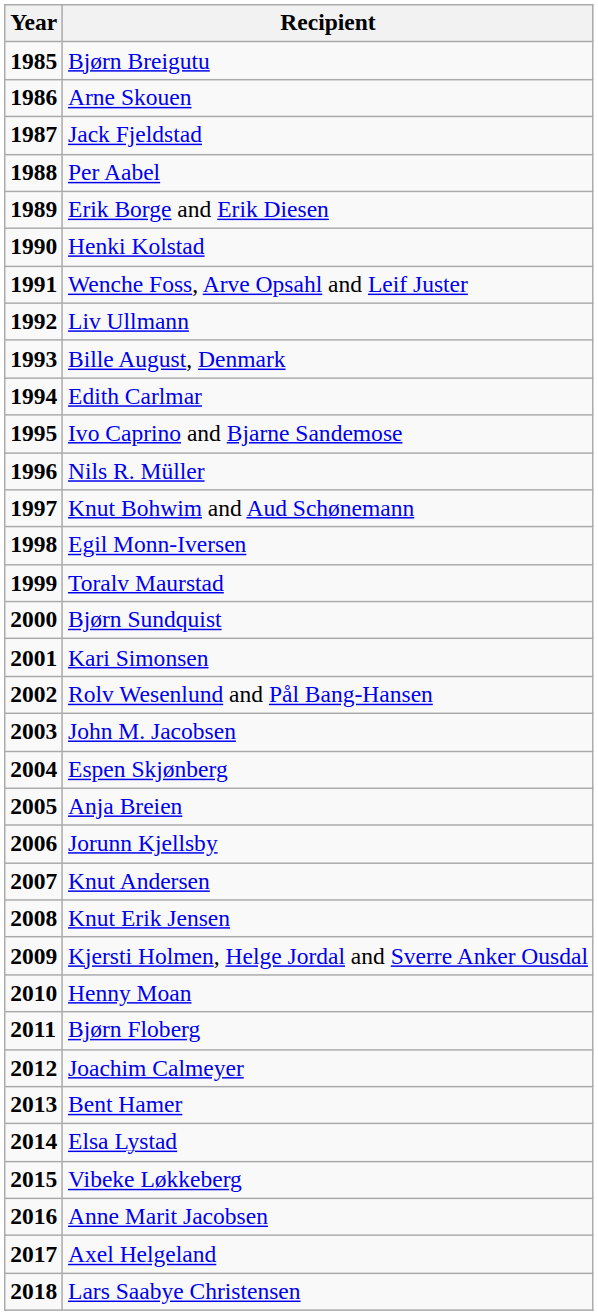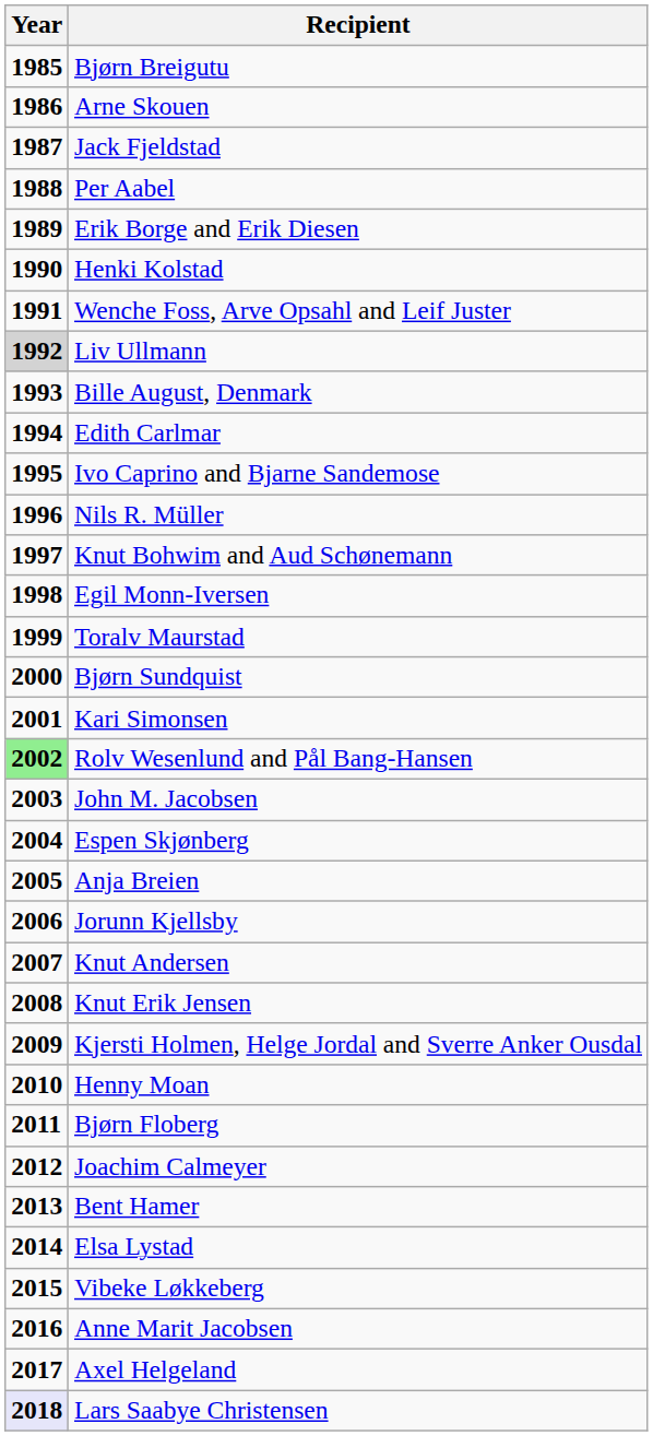 <table class="wikitable">
 <tr style="background:#EFEFEF">
 <th>Year</th>
 <th>Recipient</th>
 </tr>
 <tr>
 <td><strong>1985</strong></td>
 <td><a href='#'>Bjørn Breigutu</a></td>
 </tr>
 <tr>
 <td><strong>1986</strong></td>
 <td><a href='#'>Arne Skouen</a></td>
 </tr>
 <tr>
 <td><strong>1987</strong></td>
 <td><a href='#'>Jack Fjeldstad</a></td>
 </tr>
 <tr>
 <td><strong>1988</strong></td>
 <td><a href='#'>Per Aabel</a></td>
 </tr>
 <tr>
 <td><strong>1989</strong></td>
 <td><a href='#'>Erik Borge</a> and <a href='#'>Erik Diesen</a></td>
 </tr>
 <tr>
 <td><strong>1990</strong></td>
 <td><a href='#'>Henki Kolstad</a></td>
 </tr>
 <tr>
 <td><strong>1991</strong></td>
 <td><a href='#'>Wenche Foss</a>, <a href='#'>Arve Opsahl</a> and <a href='#'>Leif Juster</a></td>
 </tr>
 <tr>
-<td><strong>1992</strong></td>
+<td style="background: lightgrey;"><strong>1992</strong></td>
 <td><a href='#'>Liv Ullmann</a></td>
 </tr>
 <tr>
 <td><strong>1993</strong></td>
 <td><a href='#'>Bille August</a>, <a href='#'>Denmark</a></td>
 </tr>
 <tr>
 <td><strong>1994</strong></td>
 <td><a href='#'>Edith Carlmar</a></td>
 </tr>
 <tr>
 <td><strong>1995</strong></td>
 <td><a href='#'>Ivo Caprino</a> and <a href='#'>Bjarne Sandemose</a></td>
 </tr>
 <tr>
 <td><strong>1996</strong></td>
 <td><a href='#'>Nils R. Müller</a></td>
 </tr>
 <tr>
 <td><strong>1997</strong></td>
 <td><a href='#'>Knut Bohwim</a> and <a href='#'>Aud Schønemann</a></td>
 </tr>
 <tr>
 <td><strong>1998</strong></td>
 <td><a href='#'>Egil Monn-Iversen</a></td>
 </tr>
 <tr>
 <td><strong>1999</strong></td>
 <td><a href='#'>Toralv Maurstad</a></td>
 </tr>
 <tr>
 <td><strong>2000</strong></td>
 <td><a href='#'>Bjørn Sundquist</a></td>
 </tr>
 <tr>
 <td><strong>2001</strong></td>
 <td><a href='#'>Kari Simonsen</a></td>
 </tr>
 <tr>
-<td><strong>2002</strong></td>
+<td style="background: lightgreen;"><strong>2002</strong></td>
 <td><a href='#'>Rolv Wesenlund</a> and <a href='#'>Pål Bang-Hansen</a></td>
 </tr>
 <tr>
 <td><strong>2003</strong></td>
 <td><a href='#'>John M. Jacobsen</a></td>
 </tr>
 <tr>
 <td><strong>2004</strong></td>
 <td><a href='#'>Espen Skjønberg</a></td>
 </tr>
 <tr>
 <td><strong>2005</strong></td>
 <td><a href='#'>Anja Breien</a></td>
 </tr>
 <tr>
 <td><strong>2006</strong></td>
 <td><a href='#'>Jorunn Kjellsby</a></td>
 </tr>
 <tr>
 <td><strong>2007</strong></td>
 <td><a href='#'>Knut Andersen</a></td>
 </tr>
 <tr>
 <td><strong>2008</strong></td>
 <td><a href='#'>Knut Erik Jensen</a></td>
 </tr>
 <tr>
 <td><strong>2009</strong></td>
 <td><a href='#'>Kjersti Holmen</a>, <a href='#'>Helge Jordal</a> and <a href='#'>Sverre Anker Ousdal</a></td>
 </tr>
 <tr>
 <td><strong>2010</strong></td>
 <td><a href='#'>Henny Moan</a></td>
 </tr>
 <tr>
 <td><strong>2011</strong></td>
 <td><a href='#'>Bjørn Floberg</a></td>
 </tr>
 <tr>
 <td><strong>2012</strong></td>
 <td><a href='#'>Joachim Calmeyer</a></td>
 </tr>
 <tr>
 <td><strong>2013</strong></td>
 <td><a href='#'>Bent Hamer</a></td>
 </tr>
 <tr>
 <td><strong>2014</strong></td>
 <td><a href='#'>Elsa Lystad</a></td>
 </tr>
 <tr>
 <td><strong>2015</strong></td>
 <td><a href='#'>Vibeke Løkkeberg</a></td>
 </tr>
 <tr>
 <td><strong>2016</strong></td>
 <td><a href='#'>Anne Marit Jacobsen</a></td>
 </tr>
 <tr>
 <td><strong>2017</strong></td>
 <td><a href='#'>Axel Helgeland</a></td>
 </tr>
 <tr>
-<td><strong>2018</strong></td>
+<td style="background: lavender;"><strong>2018</strong></td>
 <td><a href='#'>Lars Saabye Christensen</a></td>
 </tr>
 </table>
